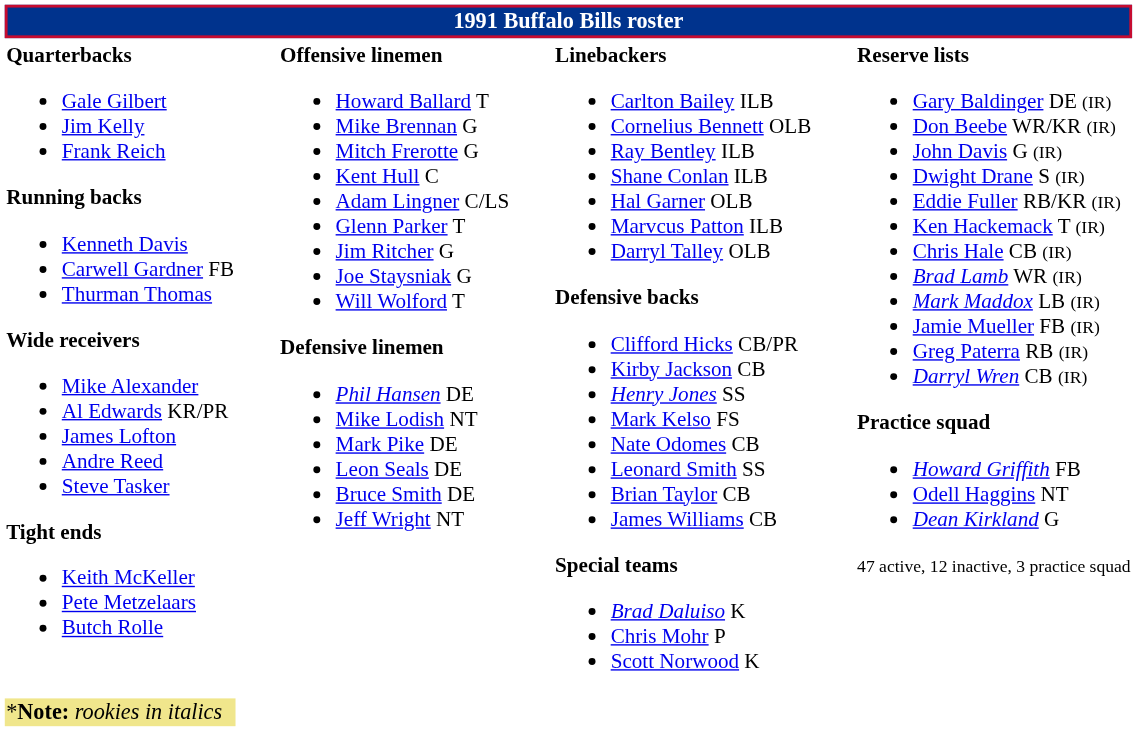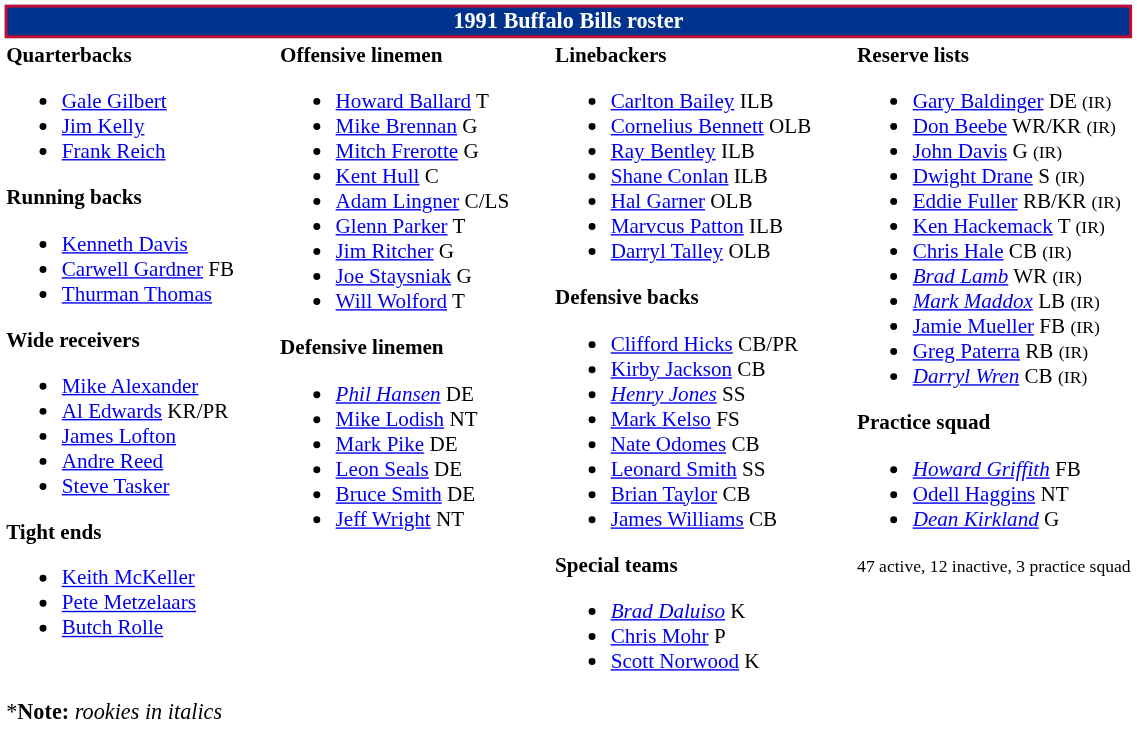 <table class="toccolours" style="text-align: left;">
 <tr>
 <th colspan="7" style="background-color: #00338D; color: #FFFFFF; border:2px solid #C60C30; text-align: center;">1991 Buffalo Bills roster</th>
 </tr>
 <tr>
 <td style="font-size: 95%;" valign="top"><strong>Quarterbacks</strong><br><ul><li> <a href='#'>Gale Gilbert</a></li><li> <a href='#'>Jim Kelly</a></li><li> <a href='#'>Frank Reich</a></li></ul><strong>Running backs</strong><ul><li> <a href='#'>Kenneth Davis</a></li><li> <a href='#'>Carwell Gardner</a> FB</li><li> <a href='#'>Thurman Thomas</a></li></ul><strong>Wide receivers</strong><ul><li> <a href='#'>Mike Alexander</a></li><li> <a href='#'>Al Edwards</a> KR/PR</li><li> <a href='#'>James Lofton</a></li><li> <a href='#'>Andre Reed</a></li><li> <a href='#'>Steve Tasker</a></li></ul><strong>Tight ends</strong><ul><li> <a href='#'>Keith McKeller</a></li><li> <a href='#'>Pete Metzelaars</a></li><li> <a href='#'>Butch Rolle</a></li></ul></td>
 <td style="width: 25px;"></td>
 <td style="font-size: 95%;" valign="top"><strong>Offensive linemen</strong><br><ul><li> <a href='#'>Howard Ballard</a> T</li><li> <a href='#'>Mike Brennan</a> G</li><li> <a href='#'>Mitch Frerotte</a> G</li><li> <a href='#'>Kent Hull</a> C</li><li> <a href='#'>Adam Lingner</a> C/LS</li><li> <a href='#'>Glenn Parker</a> T</li><li> <a href='#'>Jim Ritcher</a> G</li><li> <a href='#'>Joe Staysniak</a> G</li><li> <a href='#'>Will Wolford</a> T</li></ul><strong>Defensive linemen</strong><ul><li> <em><a href='#'>Phil Hansen</a></em> DE</li><li> <a href='#'>Mike Lodish</a> NT</li><li> <a href='#'>Mark Pike</a> DE</li><li> <a href='#'>Leon Seals</a> DE</li><li> <a href='#'>Bruce Smith</a> DE</li><li> <a href='#'>Jeff Wright</a> NT</li></ul></td>
 <td style="width: 25px;"></td>
 <td style="font-size: 95%;" valign="top"><strong>Linebackers</strong><br><ul><li> <a href='#'>Carlton Bailey</a> ILB</li><li> <a href='#'>Cornelius Bennett</a> OLB</li><li> <a href='#'>Ray Bentley</a> ILB</li><li> <a href='#'>Shane Conlan</a> ILB</li><li> <a href='#'>Hal Garner</a> OLB</li><li> <a href='#'>Marvcus Patton</a> ILB</li><li> <a href='#'>Darryl Talley</a> OLB</li></ul><strong>Defensive backs</strong><ul><li> <a href='#'>Clifford Hicks</a> CB/PR</li><li> <a href='#'>Kirby Jackson</a> CB</li><li> <em><a href='#'>Henry Jones</a></em> SS</li><li> <a href='#'>Mark Kelso</a> FS</li><li> <a href='#'>Nate Odomes</a> CB</li><li> <a href='#'>Leonard Smith</a> SS</li><li> <a href='#'>Brian Taylor</a> CB</li><li> <a href='#'>James Williams</a> CB</li></ul><strong>Special teams</strong><ul><li> <em><a href='#'>Brad Daluiso</a></em> K</li><li> <a href='#'>Chris Mohr</a> P</li><li> <a href='#'>Scott Norwood</a> K</li></ul></td>
 <td style="width: 25px;"></td>
 <td style="font-size: 95%;" valign="top"><strong>Reserve lists</strong><br><ul><li> <a href='#'>Gary Baldinger</a> DE <small>(IR)</small> </li><li> <a href='#'>Don Beebe</a> WR/KR <small>(IR)</small> </li><li> <a href='#'>John Davis</a> G <small>(IR)</small> </li><li> <a href='#'>Dwight Drane</a> S <small>(IR)</small> </li><li> <a href='#'>Eddie Fuller</a> RB/KR <small>(IR)</small> </li><li> <a href='#'>Ken Hackemack</a>  T <small>(IR)</small> </li><li> <a href='#'>Chris Hale</a> CB <small>(IR)</small> </li><li> <em><a href='#'>Brad Lamb</a></em> WR <small>(IR)</small> </li><li> <em><a href='#'>Mark Maddox</a></em> LB <small>(IR)</small> </li><li> <a href='#'>Jamie Mueller</a> FB <small>(IR)</small> </li><li> <a href='#'>Greg Paterra</a> RB <small>(IR)</small> </li><li> <em><a href='#'>Darryl Wren</a></em> CB <small>(IR)</small> </li></ul><strong>Practice squad</strong><ul><li> <em><a href='#'>Howard Griffith</a></em> FB</li><li> <a href='#'>Odell Haggins</a> NT</li><li> <em><a href='#'>Dean Kirkland</a></em> G</li></ul><small>47 active, 12 inactive, 3 practice squad</small></td>
 </tr>
 <tr>
-<td style="background: khaki;">*<strong>Note:</strong> <em>rookies in italics</em></td>
+<td>*<strong>Note:</strong> <em>rookies in italics</em></td>
 </tr>
 </table>
